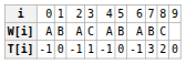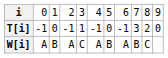 <table class="wikitable" style="background-color:white; font-family:monospace; text-align:right">
 <tr>
 <th><code>i</code></th>
 <td>0</td>
 <td>1</td>
 <td>2</td>
 <td>3</td>
 <td>4</td>
 <td>5</td>
 <td>6</td>
 <td>7</td>
 <td>8</td>
 <td>9</td>
 </tr>
 <tr>
+<th><code>T[i]</code></th>
+<td>-1</td>
+<td>0</td>
+<td>-1</td>
+<td>1</td>
+<td>-1</td>
+<td>0</td>
+<td>-1</td>
+<td>3</td>
+<td>2</td>
+<td>0</td>
+</tr>
+<tr>
 <th><code>W[i]</code></th>
 <td>A</td>
 <td>B</td>
 <td>A</td>
 <td>C</td>
 <td>A</td>
 <td>B</td>
 <td>A</td>
 <td>B</td>
 <td>C</td>
 <td></td>
 </tr>
-<tr>
-<th><code>T[i]</code></th>
-<td>-1</td>
-<td>0</td>
-<td>-1</td>
-<td>1</td>
-<td>-1</td>
-<td>0</td>
-<td>-1</td>
-<td>3</td>
-<td>2</td>
-<td>0</td>
-</tr>
 </table>
